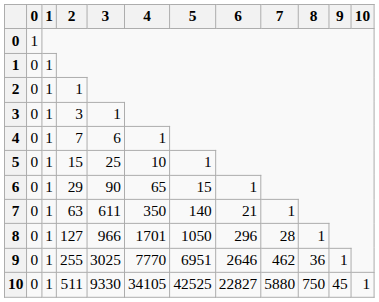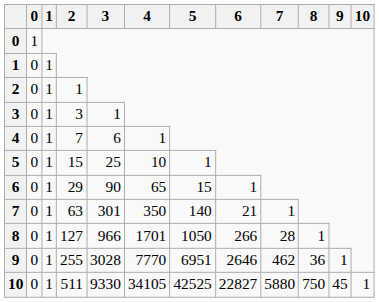 <table style="text-align:right;" class="wikitable">
 <tr>
 <th></th>
 <th>0</th>
 <th>1</th>
 <th>2</th>
 <th>3</th>
 <th>4</th>
 <th>5</th>
 <th>6</th>
 <th>7</th>
 <th>8</th>
 <th>9</th>
 <th>10</th>
 </tr>
 <tr>
 <th>0</th>
 <td>1</td>
 </tr>
 <tr>
 <th>1</th>
 <td>0</td>
 <td>1</td>
 </tr>
 <tr>
 <th>2</th>
 <td>0</td>
 <td>1</td>
 <td>1</td>
 </tr>
 <tr>
 <th>3</th>
 <td>0</td>
 <td>1</td>
 <td>3</td>
 <td>1</td>
 </tr>
 <tr>
 <th>4</th>
 <td>0</td>
 <td>1</td>
 <td>7</td>
 <td>6</td>
 <td>1</td>
 </tr>
 <tr>
 <th>5</th>
 <td>0</td>
 <td>1</td>
 <td>15</td>
 <td>25</td>
 <td>10</td>
 <td>1</td>
 </tr>
 <tr>
 <th>6</th>
 <td>0</td>
 <td>1</td>
 <td>29</td>
 <td>90</td>
 <td>65</td>
 <td>15</td>
 <td>1</td>
 </tr>
 <tr>
 <th>7</th>
 <td>0</td>
 <td>1</td>
 <td>63</td>
-<td>611</td>
+<td>301</td>
 <td>350</td>
 <td>140</td>
 <td>21</td>
 <td>1</td>
 </tr>
 <tr>
 <th>8</th>
 <td>0</td>
 <td>1</td>
 <td>127</td>
 <td>966</td>
 <td>1701</td>
 <td>1050</td>
-<td>296</td>
+<td>266</td>
 <td>28</td>
 <td>1</td>
 </tr>
 <tr>
 <th>9</th>
 <td>0</td>
 <td>1</td>
 <td>255</td>
-<td>3025</td>
+<td>3028</td>
 <td>7770</td>
 <td>6951</td>
 <td>2646</td>
 <td>462</td>
 <td>36</td>
 <td>1</td>
 </tr>
 <tr>
 <th>10</th>
 <td>0</td>
 <td>1</td>
 <td>511</td>
 <td>9330</td>
 <td>34105</td>
 <td>42525</td>
 <td>22827</td>
 <td>5880</td>
 <td>750</td>
 <td>45</td>
 <td>1</td>
 </tr>
 </table>
